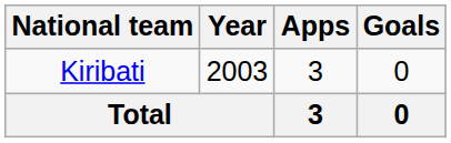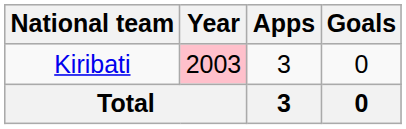 <table class="wikitable" style="text-align:center">
 <tr>
 <th>National team</th>
 <th>Year</th>
 <th>Apps</th>
 <th>Goals</th>
 </tr>
 <tr>
 <td><a href='#'>Kiribati</a></td>
-<td>2003</td>
+<td style="background: pink;">2003</td>
 <td>3</td>
 <td>0</td>
 </tr>
 <tr>
 <th colspan=2>Total</th>
 <th>3</th>
 <th>0</th>
 </tr>
 </table>
